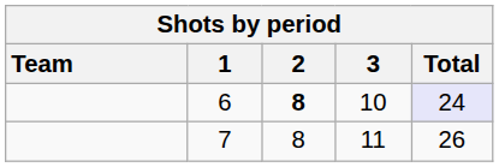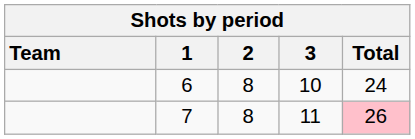 <table class="wikitable" style="width:20em; text-align:right;">
 <tr>
 <th colspan=6>Shots by period</th>
 </tr>
 <tr>
 <th style="width:8em; text-align:left;">Team</th>
 <th style="width:3em;">1</th>
 <th style="width:3em;">2</th>
 <th style="width:3em;">3</th>
 <th style="width:3em;">Total</th>
 </tr>
 <tr>
 <td style="text-align:left;"></td>
 <td align=center>6</td>
-<td align=center><strong>8</strong></td>
+<td align=center>8</td>
 <td align=center>10</td>
-<td align=center style="background: lavender;">24</td>
+<td align=center>24</td>
 </tr>
 <tr>
 <td style="text-align:left;"></td>
 <td align=center>7</td>
 <td align=center>8</td>
 <td align=center>11</td>
-<td align=center>26</td>
+<td align=center style="background: pink;">26</td>
 </tr>
 </table>
